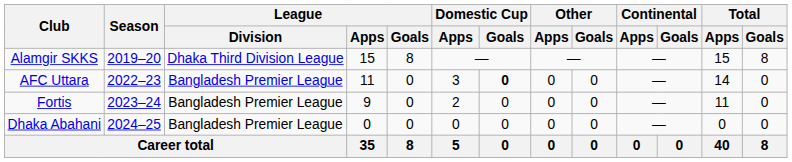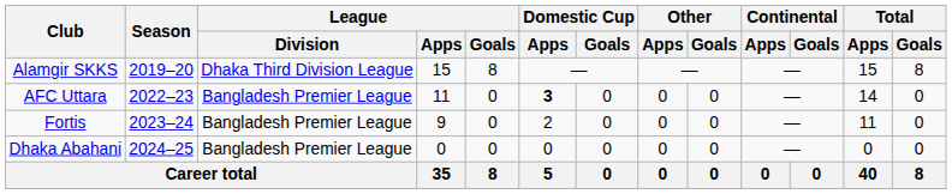 <table class="wikitable" style="text-align:center">
 <tr>
 <th rowspan="2">Club</th>
 <th rowspan="2">Season</th>
 <th colspan="3">League</th>
 <th colspan="2">Domestic Cup</th>
 <th colspan="2">Other</th>
 <th colspan="2">Continental</th>
 <th colspan="2">Total</th>
 </tr>
 <tr>
 <th>Division</th>
 <th>Apps</th>
 <th>Goals</th>
 <th>Apps</th>
 <th>Goals</th>
 <th>Apps</th>
 <th>Goals</th>
 <th>Apps</th>
 <th>Goals</th>
 <th>Apps</th>
 <th>Goals</th>
 </tr>
 <tr>
 <td><a href='#'>Alamgir SKKS</a></td>
 <td><a href='#'>2019–20</a></td>
 <td><a href='#'>Dhaka Third Division League</a></td>
 <td>15</td>
 <td>8</td>
 <td colspan="2">—</td>
 <td colspan="2">—</td>
 <td colspan="2">—</td>
 <td>15</td>
 <td>8</td>
 </tr>
 <tr>
 <td><a href='#'>AFC Uttara</a></td>
 <td><a href='#'>2022–23</a></td>
 <td><a href='#'>Bangladesh Premier League</a></td>
 <td>11</td>
 <td>0</td>
-<td>3</td>
-<td><strong>0</strong></td>
+<td><strong>3</strong></td>
+<td>0</td>
 <td>0</td>
 <td>0</td>
 <td colspan="2">—</td>
 <td>14</td>
 <td>0</td>
 </tr>
 <tr>
 <td><a href='#'>Fortis</a></td>
 <td><a href='#'>2023–24</a></td>
 <td>Bangladesh Premier League</td>
 <td>9</td>
 <td>0</td>
 <td>2</td>
 <td>0</td>
 <td>0</td>
 <td>0</td>
 <td colspan="2">—</td>
 <td>11</td>
 <td>0</td>
 </tr>
 <tr>
 <td><a href='#'>Dhaka Abahani</a></td>
 <td><a href='#'>2024–25</a></td>
 <td>Bangladesh Premier League</td>
 <td>0</td>
 <td>0</td>
 <td>0</td>
 <td>0</td>
 <td>0</td>
 <td>0</td>
 <td colspan="2">—</td>
 <td>0</td>
 <td>0</td>
 </tr>
 <tr>
 <th colspan="3">Career total</th>
 <th>35</th>
 <th>8</th>
 <th>5</th>
 <th>0</th>
 <th>0</th>
 <th>0</th>
 <th>0</th>
 <th>0</th>
 <th>40</th>
 <th>8</th>
 </tr>
 </table>
